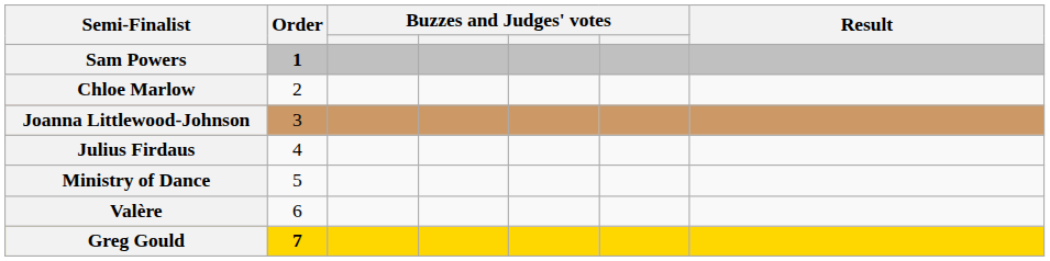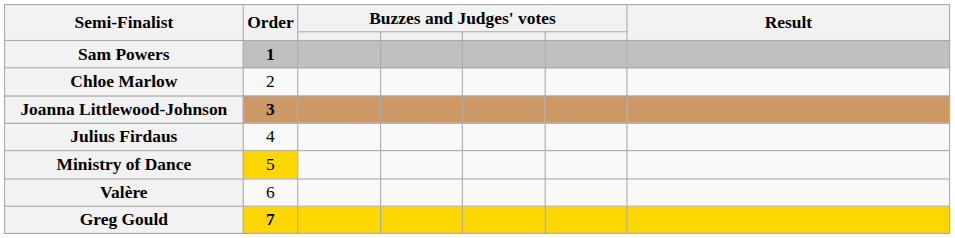 <table class="wikitable plainrowheaders sortable" style="text-align:center;">
 <tr>
 <th scope="col" rowspan="2" class="unsortable" style="width:17em;">Semi-Finalist</th>
 <th scope="col" rowspan="2" style="width:1em;">Order</th>
 <th scope="col" colspan="4" class="unsortable" style="width:24em;">Buzzes and Judges' votes</th>
 <th scope="col" rowspan="2" style="width:25em;">Result</th>
 </tr>
 <tr>
 <th scope="col" class="unsortable" style="width:6em;"></th>
 <th scope="col" class="unsortable" style="width:6em;"></th>
 <th scope="col" class="unsortable" style="width:6em;"></th>
 <th scope="col" class="unsortable" style="width:6em;"></th>
 </tr>
 <tr style="background:silver;">
 <th scope="row"><strong>Sam Powers</strong></th>
 <td><strong>1</strong></td>
 <td style="text-align:center;"></td>
 <td style="text-align:center;"></td>
 <td style="text-align:center;"></td>
 <td style="text-align:center;"></td>
 <td><strong></strong></td>
 </tr>
 <tr>
 <th scope="row">Chloe Marlow</th>
 <td>2</td>
 <td style="text-align:center;"></td>
 <td style="text-align:center;"></td>
 <td style="text-align:center;"></td>
 <td style="text-align:center;"></td>
 <td></td>
 </tr>
 <tr style="background:#c96;">
 <th scope="row">Joanna Littlewood-Johnson</th>
-<td>3</td>
+<td><strong>3</strong></td>
 <td style="text-align:center;"></td>
 <td style="text-align:center;"></td>
 <td style="text-align:center;"></td>
 <td style="text-align:center;"></td>
 <td></td>
 </tr>
 <tr>
 <th scope="row">Julius Firdaus</th>
 <td>4</td>
 <td style="text-align:center;"></td>
 <td style="text-align:center;"></td>
 <td style="text-align:center;"></td>
 <td style="text-align:center;"></td>
 <td></td>
 </tr>
 <tr>
 <th scope="row">Ministry of Dance</th>
-<td>5</td>
+<td style="background: gold;">5</td>
 <td style="text-align:center;"></td>
 <td style="text-align:center;"></td>
 <td style="text-align:center;"></td>
 <td style="text-align:center;"></td>
 <td></td>
 </tr>
 <tr>
 <th scope="row">Valère</th>
 <td>6</td>
 <td style="text-align:center;"></td>
 <td style="text-align:center;"></td>
 <td style="text-align:center;"></td>
 <td style="text-align:center;"></td>
 <td></td>
 </tr>
 <tr style="background:gold;">
 <th scope="row"><strong>Greg Gould</strong></th>
 <td><strong>7</strong></td>
 <td style="text-align:center;"></td>
 <td style="text-align:center;"></td>
 <td style="text-align:center;"></td>
 <td style="text-align:center;"></td>
 <td><strong></strong></td>
 </tr>
 </table>
